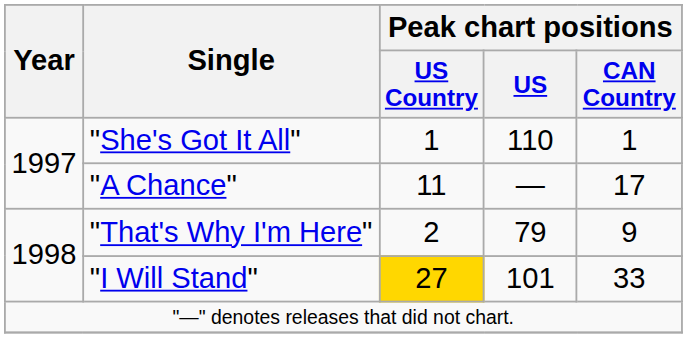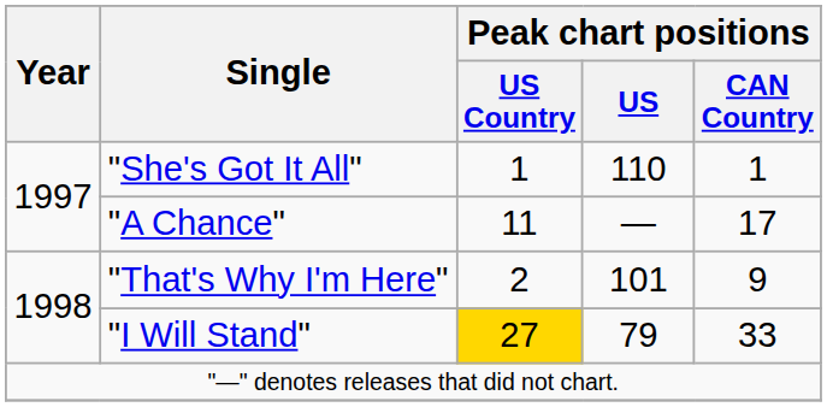 <table class="wikitable" style="text-align:center;">
 <tr>
 <th rowspan="2">Year</th>
 <th rowspan="2">Single</th>
 <th colspan="3">Peak chart positions</th>
 </tr>
 <tr style="font-size:smaller;">
 <th width="45"><a href='#'>US Country</a><br></th>
 <th width="45"><a href='#'>US</a><br></th>
 <th width="45"><a href='#'>CAN Country</a><br></th>
 </tr>
 <tr>
 <td rowspan="2">1997</td>
 <td align="left">"<a href='#'>She's Got It All</a>"</td>
 <td>1</td>
 <td>110</td>
 <td>1</td>
 </tr>
 <tr>
 <td align="left">"<a href='#'>A Chance</a>"</td>
 <td>11</td>
 <td>—</td>
 <td>17</td>
 </tr>
 <tr>
 <td rowspan="2">1998</td>
 <td align="left">"<a href='#'>That's Why I'm Here</a>"</td>
 <td>2</td>
-<td>79</td>
+<td>101</td>
 <td>9</td>
 </tr>
 <tr>
 <td align="left">"<a href='#'>I Will Stand</a>"</td>
 <td style="background: gold;">27</td>
-<td>101</td>
+<td>79</td>
 <td>33</td>
 </tr>
 <tr>
 <td colspan="5" style="font-size:8pt">"—" denotes releases that did not chart.</td>
 </tr>
 <tr>
 </tr>
 </table>
